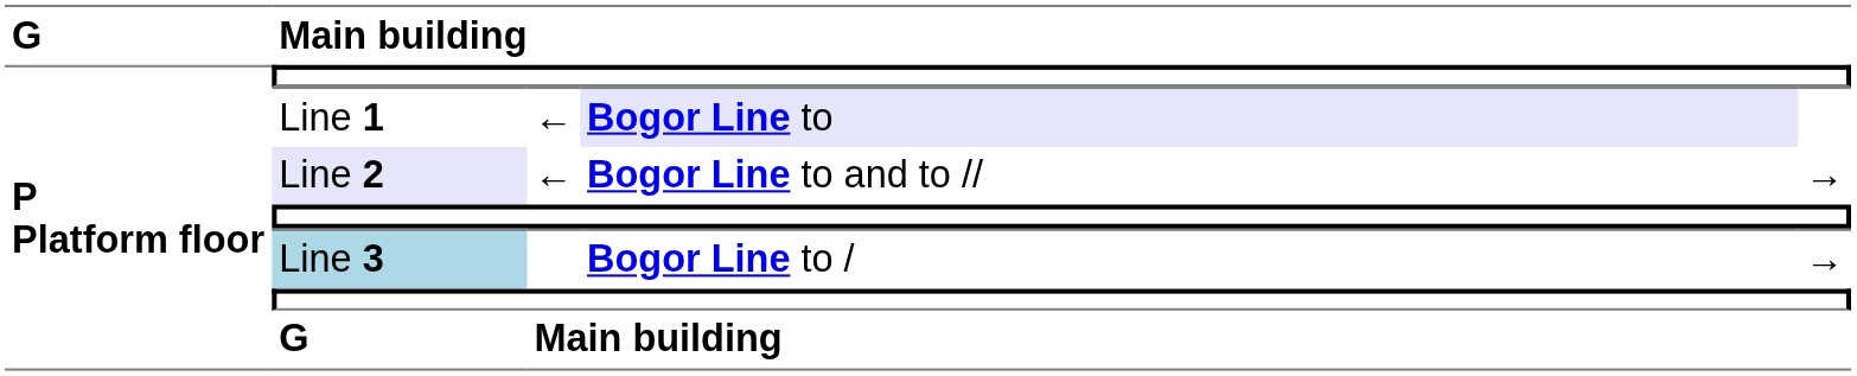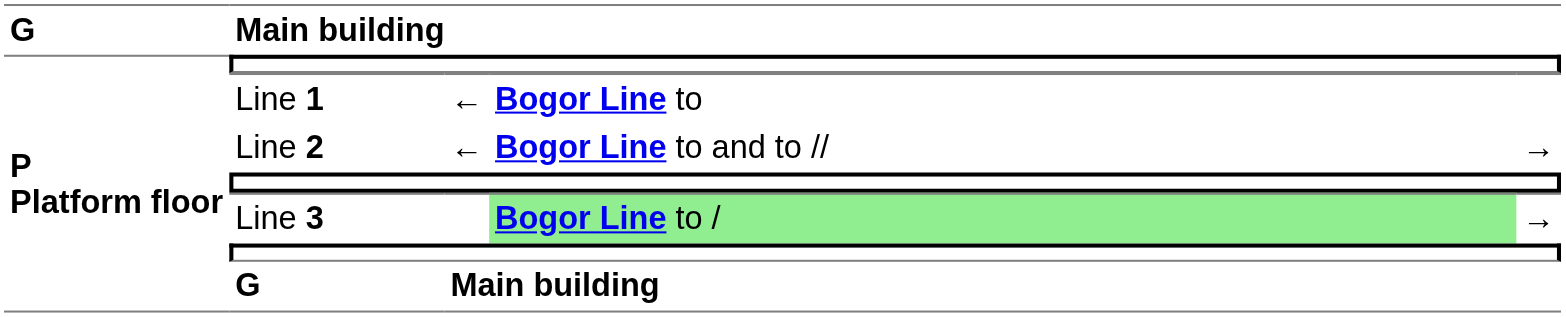 <table cellspacing="0" cellpadding="3">
 <tr>
 <td style="border-top:solid 1px gray;"><strong>G</strong></td>
 <td colspan="4" style="border-top:solid 1px gray;"><strong>Main building</strong></td>
 </tr>
 <tr>
 <td rowspan="10" style="border-top:solid 1px gray;border-bottom:solid 1px gray;"><strong>P<br>Platform floor</strong></td>
 <td colspan="4" style="border-top:solid 2px black;border-right:solid 2px black;border-left:solid 2px black;border-bottom:solid 1px gray;text-align:center;"></td>
 </tr>
 <tr>
 <td style="border-top:solid 1px gray;">Line <strong>1</strong></td>
 <td style="border-top:solid 1px gray;">←</td>
-<td width="500" style="background: lavender; border-top:solid 1px gray;"> <strong><a href='#'>Bogor Line</a></strong> to </td>
+<td width="500" style="border-top:solid 1px gray;"> <strong><a href='#'>Bogor Line</a></strong> to </td>
 <td style="border-top:solid 1px gray;"></td>
 </tr>
 <tr>
-<td style="background: lavender;">Line <strong>2</strong></td>
+<td>Line <strong>2</strong></td>
 <td>← </td>
 <td width="500"> <strong><a href='#'>Bogor Line</a></strong> to  and to //</td>
 <td> →</td>
 </tr>
 <tr>
 <td colspan="4" style="border-top:solid 2px black;border-right:solid 2px black;border-left:solid 2px black;border-bottom:solid 2px black;text-align:center;"></td>
 </tr>
 <tr>
-<td style="background: lightblue; border-top:solid 1px gray;" width="100">Line <strong>3</strong></td>
+<td style="border-top:solid 1px gray;" width="100">Line <strong>3</strong></td>
 <td style="border-top:solid 1px gray;"></td>
-<td width="500" style="border-top:solid 1px gray;"> <strong><a href='#'>Bogor Line</a></strong> to /</td>
+<td width="500" style="background: lightgreen; border-top:solid 1px gray;"> <strong><a href='#'>Bogor Line</a></strong> to /</td>
 <td style="border-top:solid 1px gray;"> →</td>
 </tr>
 <tr>
 <td colspan="4" style="border-top:solid 2px black;border-right:solid 2px black;border-left:solid 2px black;border-bottom:solid 1px gray;text-align:center;"></td>
 </tr>
 <tr>
 <td style="border-bottom:solid 1px gray;"><strong>G</strong></td>
 <td colspan="3" style="border-bottom:solid 1px gray;"><strong>Main building</strong></td>
 </tr>
 </table>
